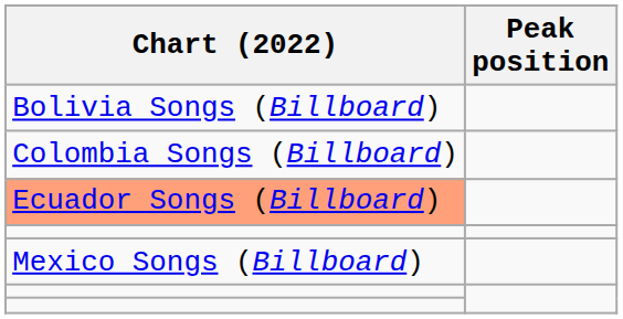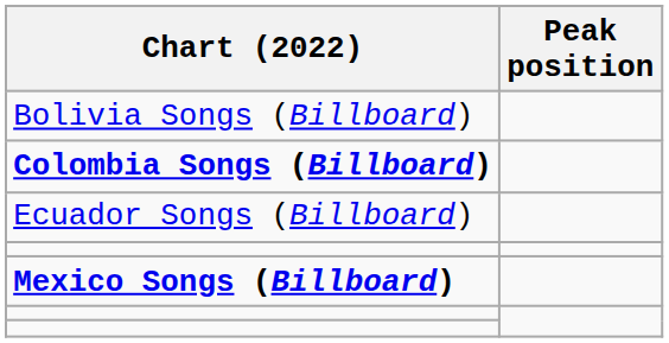 <table class="wikitable">
 <tr>
 <th>Chart (2022)</th>
 <th>Peak<br>position</th>
 </tr>
 <tr>
 <td><a href='#'>Bolivia Songs</a> (<a href='#'><em>Billboard</em></a>)</td>
 <td></td>
 </tr>
 <tr>
-<td><a href='#'>Colombia Songs</a> (<a href='#'><em>Billboard</em></a>)</td>
+<td><strong><a href='#'>Colombia Songs</a> (<a href='#'><em>Billboard</em></a>)</strong></td>
 <td></td>
 </tr>
 <tr>
-<td style="background: lightsalmon;"><a href='#'>Ecuador Songs</a> (<a href='#'><em>Billboard</em></a>)</td>
+<td><a href='#'>Ecuador Songs</a> (<a href='#'><em>Billboard</em></a>)</td>
 <td></td>
 </tr>
 <tr>
 <td></td>
 </tr>
 <tr>
-<td><a href='#'>Mexico Songs</a> (<a href='#'><em>Billboard</em></a>)</td>
+<td><strong><a href='#'>Mexico Songs</a> (<a href='#'><em>Billboard</em></a>)</strong></td>
 <td></td>
 </tr>
 <tr>
 <td></td>
 </tr>
 <tr>
 <td></td>
 </tr>
 </table>
